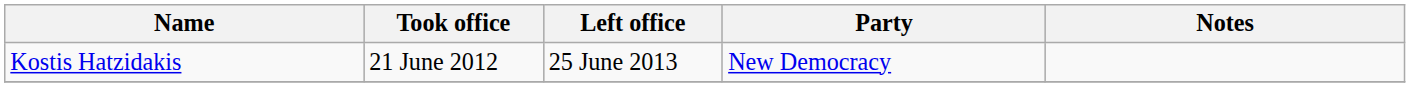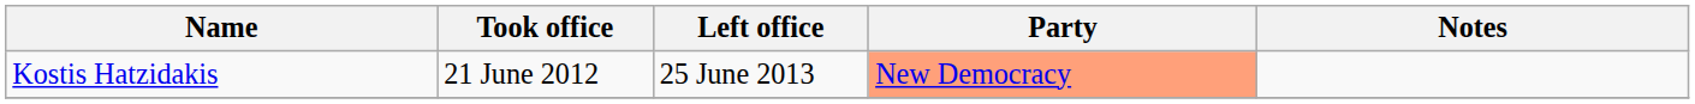 <table class="wikitable">
 <tr>
 <th width="20%">Name</th>
 <th width="10%">Took office</th>
 <th width="10%">Left office</th>
 <th width="18%">Party</th>
 <th width="20%">Notes</th>
 </tr>
 <tr>
 <td><a href='#'>Kostis Hatzidakis</a></td>
 <td>21 June 2012</td>
 <td>25 June 2013</td>
-<td><a href='#'>New Democracy</a></td>
+<td style="background: lightsalmon;"><a href='#'>New Democracy</a></td>
 <td></td>
 </tr>
 <tr>
 </tr>
 </table>
